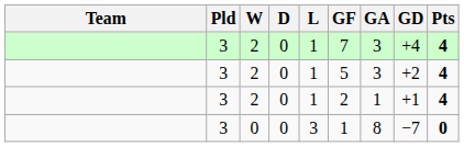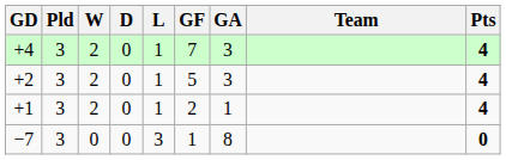 <table class="wikitable" style="text-align:center;">
 <tr>
-<th width=180>Team</th>
+<th width=20>GD</th>
 <th width=20>Pld</th>
 <th width=20>W</th>
 <th width=20>D</th>
 <th width=20>L</th>
 <th width=20>GF</th>
 <th width=20>GA</th>
-<th width=20>GD</th>
+<th width=180>Team</th>
 <th width=20>Pts</th>
 </tr>
 <tr bgcolor="ccffcc">
-<td align="left"></td>
+<td>+4</td>
 <td>3</td>
 <td>2</td>
 <td>0</td>
 <td>1</td>
 <td>7</td>
 <td>3</td>
-<td>+4</td>
+<td align="left"></td>
 <td><strong>4</strong></td>
 </tr>
 <tr>
-<td align="left"></td>
+<td>+2</td>
 <td>3</td>
 <td>2</td>
 <td>0</td>
 <td>1</td>
 <td>5</td>
 <td>3</td>
-<td>+2</td>
+<td align="left"></td>
 <td><strong>4</strong></td>
 </tr>
 <tr>
-<td align="left"></td>
+<td>+1</td>
 <td>3</td>
 <td>2</td>
 <td>0</td>
 <td>1</td>
 <td>2</td>
 <td>1</td>
-<td>+1</td>
+<td align="left"></td>
 <td><strong>4</strong></td>
 </tr>
 <tr>
-<td align="left"></td>
+<td>−7</td>
 <td>3</td>
 <td>0</td>
 <td>0</td>
 <td>3</td>
 <td>1</td>
 <td>8</td>
-<td>−7</td>
+<td align="left"></td>
 <td><strong>0</strong></td>
 </tr>
 </table>
